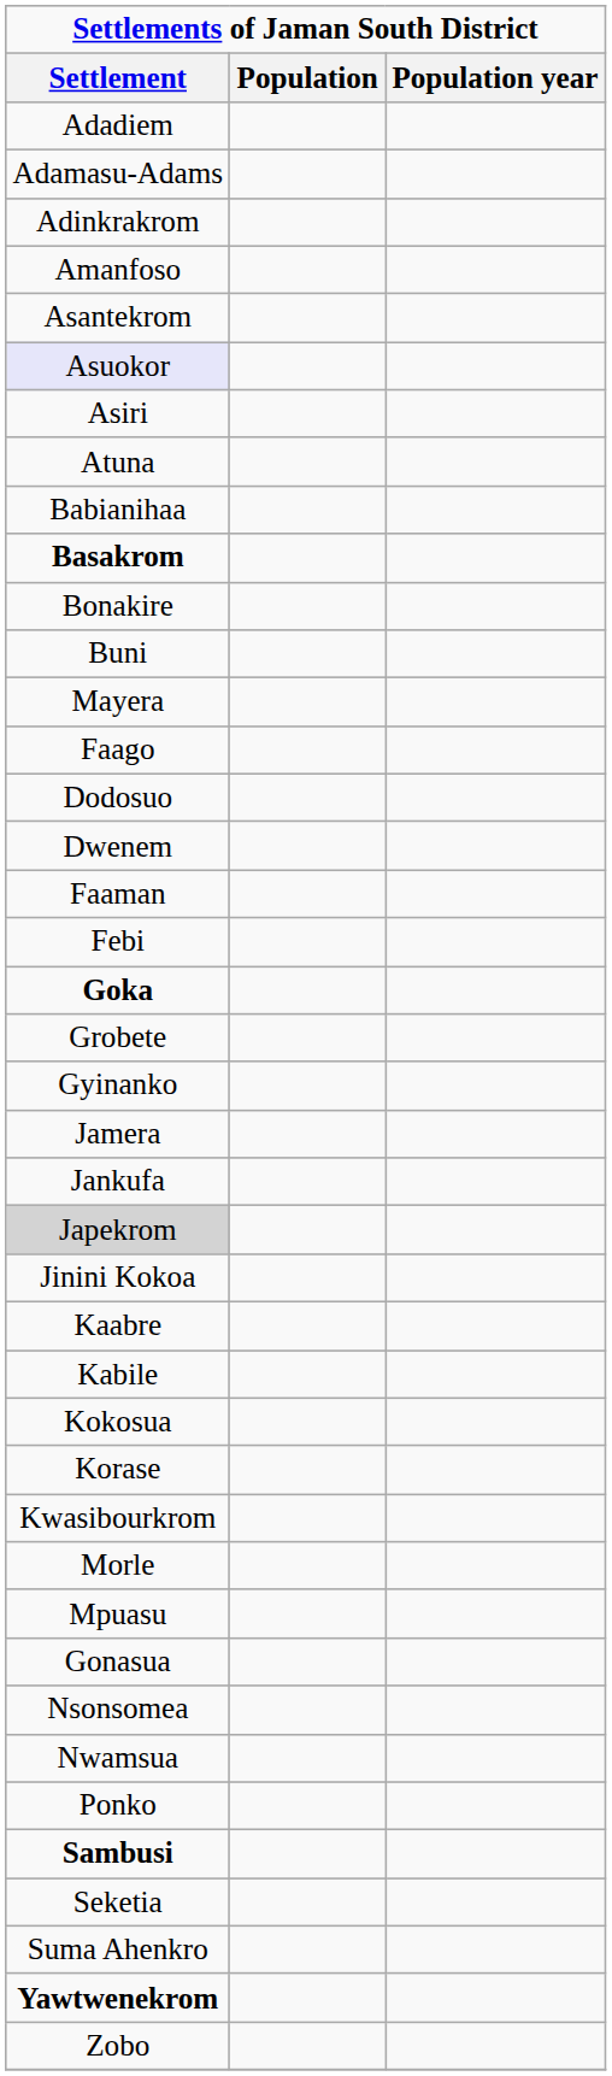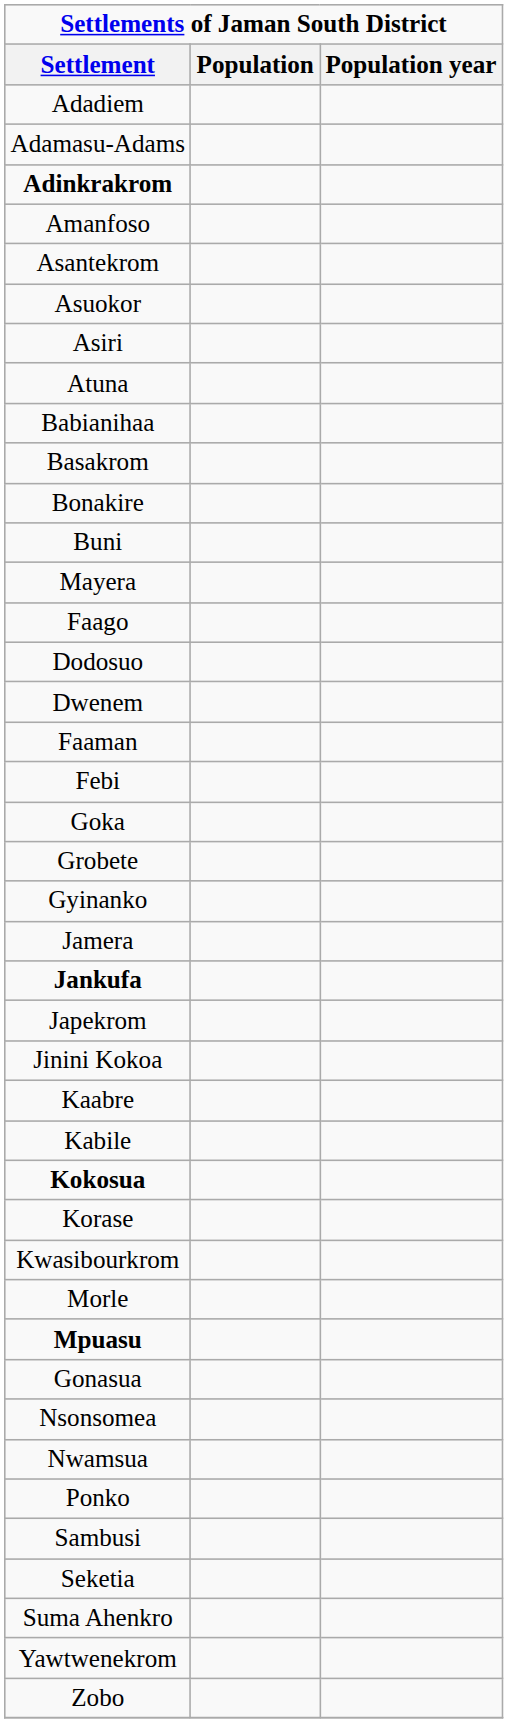 <table class="wikitable sortable" style="text-align: center">
 <tr>
 <td align=center colspan=4><strong><a href='#'>Settlements</a> of Jaman South District</strong></td>
 </tr>
 <tr>
 <th class="unsortable"><a href='#'>Settlement</a></th>
 <th class="unsortable">Population</th>
 <th class="unsortable">Population year</th>
 </tr>
 <tr>
 <td>Adadiem</td>
 <td></td>
 <td></td>
 </tr>
 <tr>
 <td>Adamasu-Adams</td>
 <td></td>
 <td></td>
 </tr>
 <tr>
-<td>Adinkrakrom</td>
+<td><strong>Adinkrakrom</strong></td>
 <td></td>
 <td></td>
 </tr>
 <tr>
 <td>Amanfoso</td>
 <td></td>
 <td></td>
 </tr>
 <tr>
 <td>Asantekrom</td>
 <td></td>
 <td></td>
 </tr>
 <tr>
-<td style="background: lavender;">Asuokor</td>
+<td>Asuokor</td>
 <td></td>
 <td></td>
 </tr>
 <tr>
 <td>Asiri</td>
 <td></td>
 <td></td>
 </tr>
 <tr>
 <td>Atuna</td>
 <td></td>
 <td></td>
 </tr>
 <tr>
 <td>Babianihaa</td>
 <td></td>
 <td></td>
 </tr>
 <tr>
-<td><strong>Basakrom</strong></td>
+<td>Basakrom</td>
 <td></td>
 <td></td>
 </tr>
 <tr>
 <td>Bonakire</td>
 <td></td>
 <td></td>
 </tr>
 <tr>
 <td>Buni</td>
 <td></td>
 <td></td>
 </tr>
 <tr>
 <td>Mayera</td>
 <td></td>
 <td></td>
 </tr>
 <tr>
 <td>Faago</td>
 <td></td>
 <td></td>
 </tr>
 <tr>
 <td>Dodosuo</td>
 <td></td>
 <td></td>
 </tr>
 <tr>
 <td>Dwenem</td>
 <td></td>
 <td></td>
 </tr>
 <tr>
 <td>Faaman</td>
 <td></td>
 <td></td>
 </tr>
 <tr>
 <td>Febi</td>
 <td></td>
 <td></td>
 </tr>
 <tr>
-<td><strong>Goka</strong></td>
+<td>Goka</td>
 <td></td>
 <td></td>
 </tr>
 <tr>
 <td>Grobete</td>
 <td></td>
 <td></td>
 </tr>
 <tr>
 <td>Gyinanko</td>
 <td></td>
 <td></td>
 </tr>
 <tr>
 <td>Jamera</td>
 <td></td>
 <td></td>
 </tr>
 <tr>
-<td>Jankufa</td>
+<td><strong>Jankufa</strong></td>
 <td></td>
 <td></td>
 </tr>
 <tr>
-<td style="background: lightgrey;">Japekrom</td>
+<td>Japekrom</td>
 <td></td>
 <td></td>
 </tr>
 <tr>
 <td>Jinini Kokoa</td>
 <td></td>
 <td></td>
 </tr>
 <tr>
 <td>Kaabre</td>
 <td></td>
 <td></td>
 </tr>
 <tr>
 <td>Kabile</td>
 <td></td>
 <td></td>
 </tr>
 <tr>
-<td>Kokosua</td>
+<td><strong>Kokosua</strong></td>
 <td></td>
 <td></td>
 </tr>
 <tr>
 <td>Korase</td>
 <td></td>
 <td></td>
 </tr>
 <tr>
 <td>Kwasibourkrom</td>
 <td></td>
 <td></td>
 </tr>
 <tr>
 <td>Morle</td>
 <td></td>
 <td></td>
 </tr>
 <tr>
-<td>Mpuasu</td>
+<td><strong>Mpuasu</strong></td>
 <td></td>
 <td></td>
 </tr>
 <tr>
 <td>Gonasua</td>
 <td></td>
 <td></td>
 </tr>
 <tr>
 <td>Nsonsomea</td>
 <td></td>
 <td></td>
 </tr>
 <tr>
 <td>Nwamsua</td>
 <td></td>
 <td></td>
 </tr>
 <tr>
 <td>Ponko</td>
 <td></td>
 <td></td>
 </tr>
 <tr>
-<td><strong>Sambusi</strong></td>
+<td>Sambusi</td>
 <td></td>
 <td></td>
 </tr>
 <tr>
 <td>Seketia</td>
 <td></td>
 <td></td>
 </tr>
 <tr>
 <td>Suma Ahenkro</td>
 <td></td>
 <td></td>
 </tr>
 <tr>
-<td><strong>Yawtwenekrom</strong></td>
+<td>Yawtwenekrom</td>
 <td></td>
 <td></td>
 </tr>
 <tr>
 <td>Zobo</td>
 <td></td>
 <td></td>
 </tr>
 <tr>
 </tr>
 </table>
